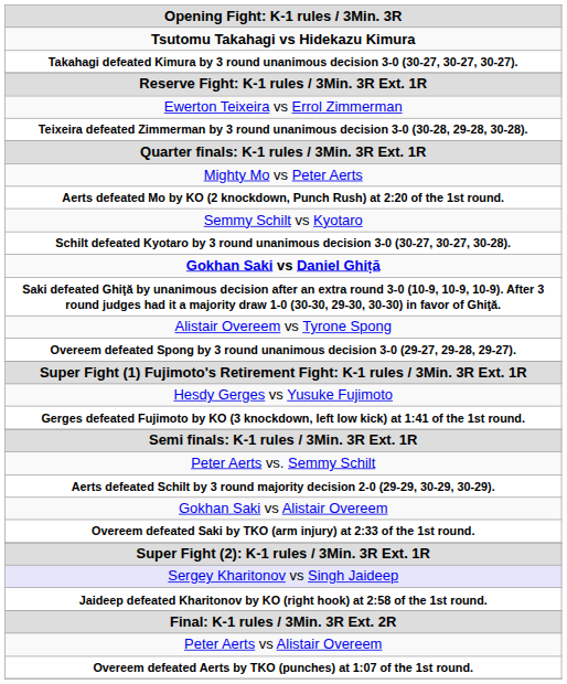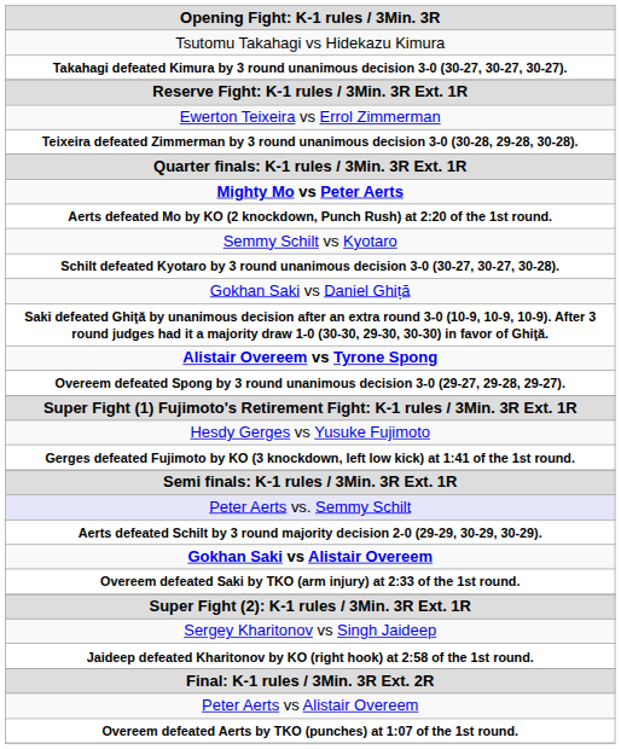 <table class="wikitable" style="clear:both; margin:1.5em auto; text-align:center;">
 <tr align="center"  bgcolor="#dddddd">
 <td><strong>Opening Fight: K-1 rules / 3Min. 3R</strong></td>
 </tr>
 <tr>
-<td align=center><strong> Tsutomu Takahagi vs Hidekazu Kimura </strong></td>
+<td align=center> Tsutomu Takahagi vs Hidekazu Kimura </td>
 </tr>
 <tr>
 <th style=background:white colspan=2><small>Takahagi defeated Kimura by 3 round unanimous decision 3-0 (30-27, 30-27, 30-27).</small></th>
 </tr>
 <tr>
 </tr>
 <tr align="center"  bgcolor="#dddddd">
 <td><strong>Reserve Fight: K-1 rules / 3Min. 3R Ext. 1R</strong></td>
 </tr>
 <tr>
 <td align=center> <a href='#'>Ewerton Teixeira</a> vs <a href='#'>Errol Zimmerman</a> </td>
 </tr>
 <tr>
 <th style=background:white colspan=2><small>Teixeira defeated Zimmerman by 3 round unanimous decision 3-0 (30-28, 29-28, 30-28).</small></th>
 </tr>
 <tr>
 </tr>
 <tr align="center"  bgcolor="#dddddd">
 <td><strong>Quarter finals: K-1 rules / 3Min. 3R Ext. 1R</strong></td>
 </tr>
 <tr>
-<td align=center> <a href='#'>Mighty Mo</a> vs <a href='#'>Peter Aerts</a> </td>
+<td align=center><strong> <a href='#'>Mighty Mo</a> vs <a href='#'>Peter Aerts</a> </strong></td>
 </tr>
 <tr>
 <th style=background:white colspan=2><small>Aerts defeated Mo by KO (2 knockdown, Punch Rush) at 2:20 of the 1st round.</small></th>
 </tr>
 <tr>
 <td align=center> <a href='#'>Semmy Schilt</a> vs <a href='#'>Kyotaro</a> </td>
 </tr>
 <tr>
 <th style=background:white colspan=2><small>Schilt defeated Kyotaro by 3 round unanimous decision 3-0 (30-27, 30-27, 30-28).</small></th>
 </tr>
 <tr>
-<td align=center><strong> <a href='#'>Gokhan Saki</a> vs <a href='#'>Daniel Ghiță</a> </strong></td>
+<td align=center> <a href='#'>Gokhan Saki</a> vs <a href='#'>Daniel Ghiță</a> </td>
 </tr>
 <tr>
 <th style=background:white colspan=2><small>Saki defeated Ghiţă by unanimous decision after an extra round 3-0 (10-9, 10-9, 10-9).  After 3 round judges had it a majority draw 1-0 (30-30, 29-30, 30-30) in favor of Ghiţă.</small></th>
 </tr>
 <tr>
-<td align=center> <a href='#'>Alistair Overeem</a> vs <a href='#'>Tyrone Spong</a> </td>
+<td align=center><strong> <a href='#'>Alistair Overeem</a> vs <a href='#'>Tyrone Spong</a> </strong></td>
 </tr>
 <tr>
 <th style=background:white colspan=2><small>Overeem defeated Spong by 3 round unanimous decision 3-0 (29-27, 29-28, 29-27).</small></th>
 </tr>
 <tr>
 </tr>
 <tr align="center"  bgcolor="#dddddd">
 <td><strong>Super Fight (1) Fujimoto's Retirement Fight: K-1 rules / 3Min. 3R Ext. 1R</strong></td>
 </tr>
 <tr>
 <td align=center> <a href='#'>Hesdy Gerges</a> vs <a href='#'>Yusuke Fujimoto</a> </td>
 </tr>
 <tr>
 <th style=background:white colspan=2><small>Gerges defeated Fujimoto by KO (3 knockdown, left low kick) at 1:41 of the 1st round.</small></th>
 </tr>
 <tr>
 </tr>
 <tr align="center"  bgcolor="#dddddd">
 <td><strong>Semi finals: K-1 rules / 3Min. 3R Ext. 1R</strong></td>
 </tr>
 <tr>
-<td align=center> <a href='#'>Peter Aerts</a> vs. <a href='#'>Semmy Schilt</a> </td>
+<td align=center style="background: lavender;"> <a href='#'>Peter Aerts</a> vs. <a href='#'>Semmy Schilt</a> </td>
 </tr>
 <tr>
 <th style=background:white colspan=2><small>Aerts defeated Schilt by 3 round majority decision 2-0 (29-29, 30-29, 30-29).</small></th>
 </tr>
 <tr>
-<td align=center> <a href='#'>Gokhan Saki</a> vs <a href='#'>Alistair Overeem</a> </td>
+<td align=center><strong> <a href='#'>Gokhan Saki</a> vs <a href='#'>Alistair Overeem</a> </strong></td>
 </tr>
 <tr>
 <th style=background:white colspan=2><small>Overeem defeated Saki by TKO (arm injury) at 2:33 of the 1st round.</small></th>
 </tr>
 <tr>
 </tr>
 <tr align="center"  bgcolor="#dddddd">
 <td><strong>Super Fight (2): K-1 rules / 3Min. 3R Ext. 1R</strong></td>
 </tr>
 <tr>
-<td align=center style="background: lavender;"> <a href='#'>Sergey Kharitonov</a> vs <a href='#'>Singh Jaideep</a> </td>
+<td align=center> <a href='#'>Sergey Kharitonov</a> vs <a href='#'>Singh Jaideep</a> </td>
 </tr>
 <tr>
 <th style=background:white colspan=2><small>Jaideep defeated Kharitonov by KO (right hook) at 2:58 of the 1st round.</small></th>
 </tr>
 <tr>
 </tr>
 <tr align="center"  bgcolor="#dddddd">
 <td><strong>Final: K-1 rules / 3Min. 3R Ext. 2R</strong></td>
 </tr>
 <tr>
 <td align=center> <a href='#'>Peter Aerts</a> vs <a href='#'>Alistair Overeem</a> </td>
 </tr>
 <tr>
 <th style=background:white colspan=2><small>Overeem defeated Aerts by TKO (punches) at 1:07 of the 1st round.</small></th>
 </tr>
 <tr>
 </tr>
 </table>
